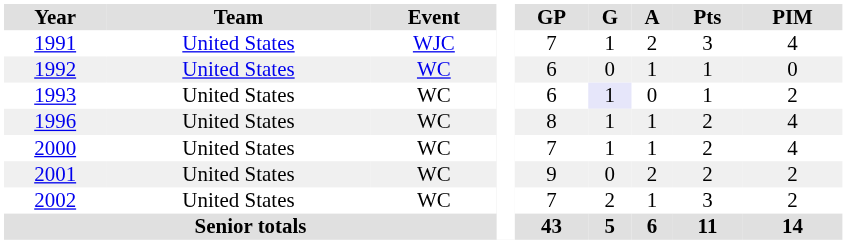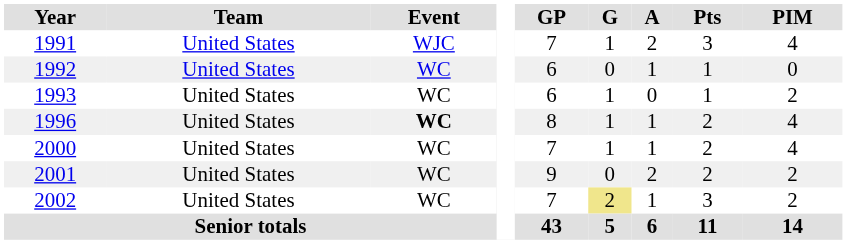 <table border="0" cellpadding="1" cellspacing="0" style="text-align:center; width:40em">
 <tr ALIGN="center" bgcolor="#e0e0e0">
 <th>Year</th>
 <th>Team</th>
 <th>Event</th>
 <th ALIGN="center" rowspan="99" bgcolor="#ffffff"> </th>
 <th>GP</th>
 <th>G</th>
 <th>A</th>
 <th>Pts</th>
 <th>PIM</th>
 </tr>
 <tr>
 <td><a href='#'>1991</a></td>
 <td><a href='#'>United States</a></td>
 <td><a href='#'>WJC</a></td>
 <td>7</td>
 <td>1</td>
 <td>2</td>
 <td>3</td>
 <td>4</td>
 </tr>
 <tr bgcolor="#f0f0f0">
 <td><a href='#'>1992</a></td>
 <td><a href='#'>United States</a></td>
 <td><a href='#'>WC</a></td>
 <td>6</td>
 <td>0</td>
 <td>1</td>
 <td>1</td>
 <td>0</td>
 </tr>
 <tr>
 <td><a href='#'>1993</a></td>
 <td>United States</td>
 <td>WC</td>
 <td>6</td>
-<td style="background: lavender;">1</td>
+<td>1</td>
 <td>0</td>
 <td>1</td>
 <td>2</td>
 </tr>
 <tr bgcolor="#f0f0f0">
 <td><a href='#'>1996</a></td>
 <td>United States</td>
-<td>WC</td>
+<td><strong>WC</strong></td>
 <td>8</td>
 <td>1</td>
 <td>1</td>
 <td>2</td>
 <td>4</td>
 </tr>
 <tr>
 <td><a href='#'>2000</a></td>
 <td>United States</td>
 <td>WC</td>
 <td>7</td>
 <td>1</td>
 <td>1</td>
 <td>2</td>
 <td>4</td>
 </tr>
 <tr bgcolor="#f0f0f0">
 <td><a href='#'>2001</a></td>
 <td>United States</td>
 <td>WC</td>
 <td>9</td>
 <td>0</td>
 <td>2</td>
 <td>2</td>
 <td>2</td>
 </tr>
 <tr>
 <td><a href='#'>2002</a></td>
 <td>United States</td>
 <td>WC</td>
 <td>7</td>
-<td>2</td>
+<td style="background: khaki;">2</td>
 <td>1</td>
 <td>3</td>
 <td>2</td>
 </tr>
 <tr bgcolor="#e0e0e0">
 <th colspan="3">Senior totals</th>
 <th>43</th>
 <th>5</th>
 <th>6</th>
 <th>11</th>
 <th>14</th>
 </tr>
 </table>
